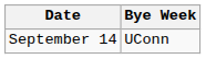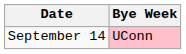 <table class="wikitable" style="font-size:95%;">
 <tr>
 <th>Date</th>
 <th colspan="3">Bye Week</th>
 </tr>
 <tr>
 <td>September 14</td>
-<td>UConn</td>
+<td style="background: pink;">UConn</td>
 </tr>
 </table>
